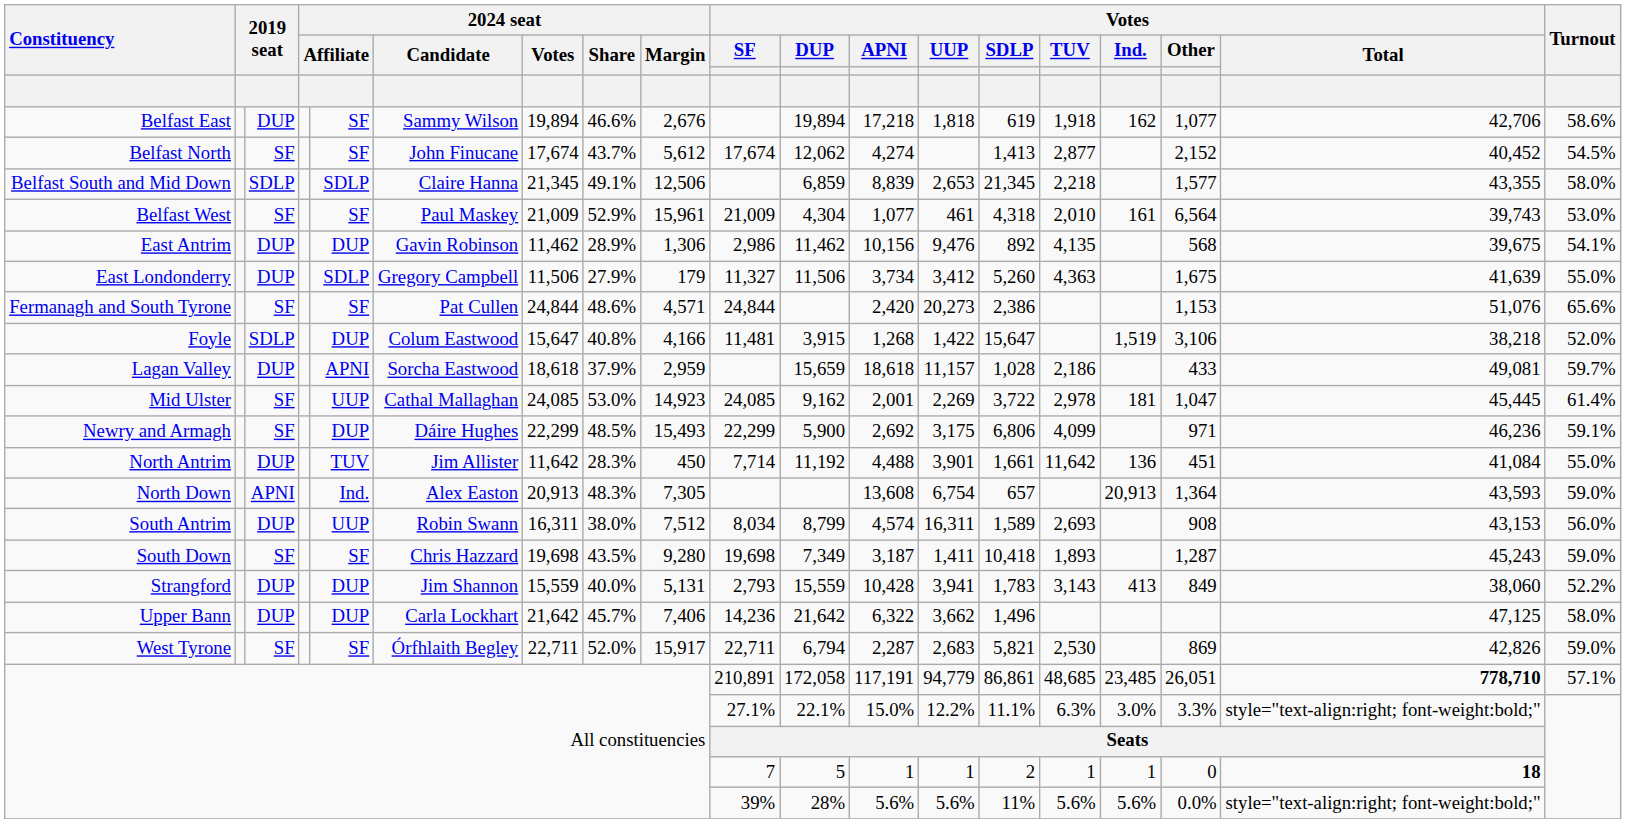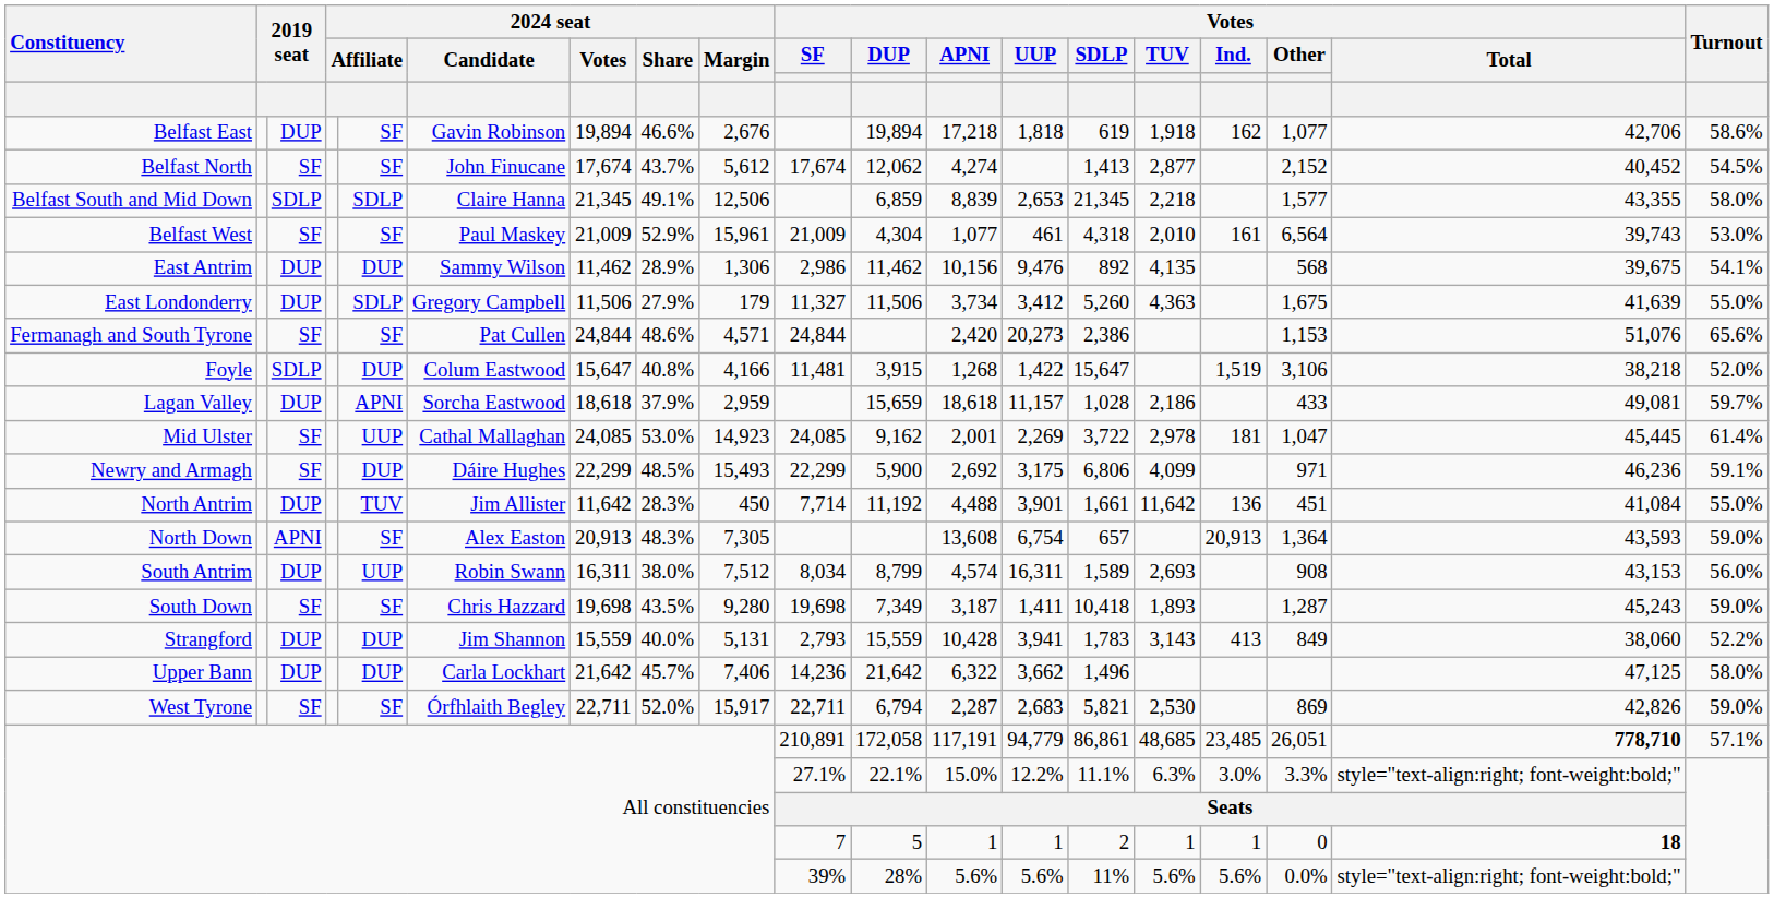 <table class="wikitable sortable sticky-header-multi" style="text-align:right; font-size:85%">
 <tr>
 <th rowspan="3" scope="col" style="text-align:left;"><a href='#'>Constituency</a></th>
 <th colspan="2" rowspan="3" scope="col">2019 <br>seat</th>
 <th colspan="6" scope="col">2024 seat</th>
 <th colspan="9" scope="col">Votes</th>
 <th rowspan="3" scope="col">Turnout</th>
 </tr>
 <tr>
 <th colspan="2" rowspan="2" scope="col">Affiliate</th>
 <th rowspan="2" scope="col">Candidate</th>
 <th rowspan="2" scope="col">Votes</th>
 <th rowspan="2" scope="col">Share</th>
 <th rowspan="2" scope="col">Margin</th>
 <th scope="col"><a href='#'>SF</a></th>
 <th scope="col"><a href='#'>DUP</a></th>
 <th scope="col"><a href='#'>APNI</a></th>
 <th scope="col"><a href='#'>UUP</a></th>
 <th scope="col"><a href='#'>SDLP</a></th>
 <th scope="col"><a href='#'>TUV</a></th>
 <th scope="col"><a href='#'>Ind.</a></th>
 <th scope="col">Other</th>
 <th rowspan="2" scope="col">Total</th>
 </tr>
 <tr>
 <th scope="col" style="background:"></th>
 <th scope="col" style="background:"></th>
 <th scope="col" style="background:"></th>
 <th scope="col" style="background:"></th>
 <th scope="col" style="background:"></th>
 <th scope="col" style="background:"></th>
 <th scope="col" style="background:"></th>
 <th></th>
 </tr>
 <tr>
 <th><br></th>
 <th colspan="2"></th>
 <th colspan="2"></th>
 <th></th>
 <th></th>
 <th></th>
 <th></th>
 <th></th>
 <th></th>
 <th></th>
 <th></th>
 <th></th>
 <th></th>
 <th></th>
 <th></th>
 <th></th>
 <th></th>
 </tr>
 <tr>
 <td><a href='#'>Belfast East</a></td>
 <td style="background:"></td>
 <td><a href='#'>DUP</a></td>
 <td style="background:"></td>
 <td><a href='#'>SF</a></td>
-<td><a href='#'>Sammy Wilson</a></td>
+<td><a href='#'>Gavin Robinson</a></td>
 <td>19,894</td>
 <td>46.6%</td>
 <td>2,676</td>
 <td></td>
 <td>19,894</td>
 <td>17,218</td>
 <td>1,818</td>
 <td>619</td>
 <td>1,918</td>
 <td>162</td>
 <td>1,077</td>
 <td>42,706</td>
 <td>58.6%</td>
 </tr>
 <tr>
 <td><a href='#'>Belfast North</a></td>
 <td style="background:"></td>
 <td><a href='#'>SF</a></td>
 <td style="background:"></td>
 <td><a href='#'>SF</a></td>
 <td><a href='#'>John Finucane</a></td>
 <td>17,674</td>
 <td>43.7%</td>
 <td>5,612</td>
 <td>17,674</td>
 <td>12,062</td>
 <td>4,274</td>
 <td></td>
 <td>1,413</td>
 <td>2,877</td>
 <td></td>
 <td>2,152</td>
 <td>40,452</td>
 <td>54.5%</td>
 </tr>
 <tr>
 <td><a href='#'>Belfast South and Mid Down</a></td>
 <td style="background:"></td>
 <td><a href='#'>SDLP</a></td>
 <td style="background:"></td>
 <td><a href='#'>SDLP</a></td>
 <td><a href='#'>Claire Hanna</a></td>
 <td>21,345</td>
 <td>49.1%</td>
 <td>12,506</td>
 <td></td>
 <td>6,859</td>
 <td>8,839</td>
 <td>2,653</td>
 <td>21,345</td>
 <td>2,218</td>
 <td></td>
 <td>1,577</td>
 <td>43,355</td>
 <td>58.0%</td>
 </tr>
 <tr>
 <td><a href='#'>Belfast West</a></td>
 <td style="background:"></td>
 <td><a href='#'>SF</a></td>
 <td style="background:"></td>
 <td><a href='#'>SF</a></td>
 <td><a href='#'>Paul Maskey</a></td>
 <td>21,009</td>
 <td>52.9%</td>
 <td>15,961</td>
 <td>21,009</td>
 <td>4,304</td>
 <td>1,077</td>
 <td>461</td>
 <td>4,318</td>
 <td>2,010</td>
 <td>161</td>
 <td>6,564</td>
 <td>39,743</td>
 <td>53.0%</td>
 </tr>
 <tr>
 <td><a href='#'>East Antrim</a></td>
 <td style="background:"></td>
 <td><a href='#'>DUP</a></td>
 <td style="background:"></td>
 <td><a href='#'>DUP</a></td>
-<td><a href='#'>Gavin Robinson</a></td>
+<td><a href='#'>Sammy Wilson</a></td>
 <td>11,462</td>
 <td>28.9%</td>
 <td>1,306</td>
 <td>2,986</td>
 <td>11,462</td>
 <td>10,156</td>
 <td>9,476</td>
 <td>892</td>
 <td>4,135</td>
 <td></td>
 <td>568</td>
 <td>39,675</td>
 <td>54.1%</td>
 </tr>
 <tr>
 <td><a href='#'>East Londonderry</a></td>
 <td style="background:"></td>
 <td><a href='#'>DUP</a></td>
 <td style="background:"></td>
 <td><a href='#'>SDLP</a></td>
 <td><a href='#'>Gregory Campbell</a></td>
 <td>11,506</td>
 <td>27.9%</td>
 <td>179</td>
 <td>11,327</td>
 <td>11,506</td>
 <td>3,734</td>
 <td>3,412</td>
 <td>5,260</td>
 <td>4,363</td>
 <td></td>
 <td>1,675</td>
 <td>41,639</td>
 <td>55.0%</td>
 </tr>
 <tr>
 <td><a href='#'>Fermanagh and South Tyrone</a></td>
 <td style="background:"></td>
 <td><a href='#'>SF</a></td>
 <td style="background:"></td>
 <td><a href='#'>SF</a></td>
 <td><a href='#'>Pat Cullen</a></td>
 <td>24,844</td>
 <td>48.6%</td>
 <td>4,571</td>
 <td>24,844</td>
 <td></td>
 <td>2,420</td>
 <td>20,273</td>
 <td>2,386</td>
 <td></td>
 <td></td>
 <td>1,153</td>
 <td>51,076</td>
 <td>65.6%</td>
 </tr>
 <tr>
 <td><a href='#'>Foyle</a></td>
 <td style="background:"></td>
 <td><a href='#'>SDLP</a></td>
 <td style="background:"></td>
 <td><a href='#'>DUP</a></td>
 <td><a href='#'>Colum Eastwood</a></td>
 <td>15,647</td>
 <td>40.8%</td>
 <td>4,166</td>
 <td>11,481</td>
 <td>3,915</td>
 <td>1,268</td>
 <td>1,422</td>
 <td>15,647</td>
 <td></td>
 <td>1,519</td>
 <td>3,106</td>
 <td>38,218</td>
 <td>52.0%</td>
 </tr>
 <tr>
 <td><a href='#'>Lagan Valley</a></td>
 <td style="background:"></td>
 <td><a href='#'>DUP</a></td>
 <td style="background:"></td>
 <td><a href='#'>APNI</a></td>
 <td><a href='#'>Sorcha Eastwood</a></td>
 <td>18,618</td>
 <td>37.9%</td>
 <td>2,959</td>
 <td></td>
 <td>15,659</td>
 <td>18,618</td>
 <td>11,157</td>
 <td>1,028</td>
 <td>2,186</td>
 <td></td>
 <td>433</td>
 <td>49,081</td>
 <td>59.7%</td>
 </tr>
 <tr>
 <td><a href='#'>Mid Ulster</a></td>
 <td style="background:"></td>
 <td><a href='#'>SF</a></td>
 <td style="background:"></td>
 <td><a href='#'>UUP</a></td>
 <td><a href='#'>Cathal Mallaghan</a></td>
 <td>24,085</td>
 <td>53.0%</td>
 <td>14,923</td>
 <td>24,085</td>
 <td>9,162</td>
 <td>2,001</td>
 <td>2,269</td>
 <td>3,722</td>
 <td>2,978</td>
 <td>181</td>
 <td>1,047</td>
 <td>45,445</td>
 <td>61.4%</td>
 </tr>
 <tr>
 <td><a href='#'>Newry and Armagh</a></td>
 <td style="background:"></td>
 <td><a href='#'>SF</a></td>
 <td style="background:"></td>
 <td><a href='#'>DUP</a></td>
 <td><a href='#'>Dáire Hughes</a></td>
 <td>22,299</td>
 <td>48.5%</td>
 <td>15,493</td>
 <td>22,299</td>
 <td>5,900</td>
 <td>2,692</td>
 <td>3,175</td>
 <td>6,806</td>
 <td>4,099</td>
 <td></td>
 <td>971</td>
 <td>46,236</td>
 <td>59.1%</td>
 </tr>
 <tr>
 <td><a href='#'>North Antrim</a></td>
 <td style="background:"></td>
 <td><a href='#'>DUP</a></td>
 <td style="background:"></td>
 <td><a href='#'>TUV</a></td>
 <td><a href='#'>Jim Allister</a></td>
 <td>11,642</td>
 <td>28.3%</td>
 <td>450</td>
 <td>7,714</td>
 <td>11,192</td>
 <td>4,488</td>
 <td>3,901</td>
 <td>1,661</td>
 <td>11,642</td>
 <td>136</td>
 <td>451</td>
 <td>41,084</td>
 <td>55.0%</td>
 </tr>
 <tr>
 <td><a href='#'>North Down</a></td>
 <td style="background:"></td>
 <td><a href='#'>APNI</a></td>
 <td style="background:"></td>
-<td><a href='#'>Ind.</a></td>
+<td><a href='#'>SF</a></td>
 <td><a href='#'>Alex Easton</a></td>
 <td>20,913</td>
 <td>48.3%</td>
 <td>7,305</td>
 <td></td>
 <td></td>
 <td>13,608</td>
 <td>6,754</td>
 <td>657</td>
 <td></td>
 <td>20,913</td>
 <td>1,364</td>
 <td>43,593</td>
 <td>59.0%</td>
 </tr>
 <tr>
 <td><a href='#'>South Antrim</a></td>
 <td style="background:"></td>
 <td><a href='#'>DUP</a></td>
 <td style="background:"></td>
 <td><a href='#'>UUP</a></td>
 <td><a href='#'>Robin Swann</a></td>
 <td>16,311</td>
 <td>38.0%</td>
 <td>7,512</td>
 <td>8,034</td>
 <td>8,799</td>
 <td>4,574</td>
 <td>16,311</td>
 <td>1,589</td>
 <td>2,693</td>
 <td></td>
 <td>908</td>
 <td>43,153</td>
 <td>56.0%</td>
 </tr>
 <tr>
 <td><a href='#'>South Down</a></td>
 <td style="background:"></td>
 <td><a href='#'>SF</a></td>
 <td style="background:"></td>
 <td><a href='#'>SF</a></td>
 <td><a href='#'>Chris Hazzard</a></td>
 <td>19,698</td>
 <td>43.5%</td>
 <td>9,280</td>
 <td>19,698</td>
 <td>7,349</td>
 <td>3,187</td>
 <td>1,411</td>
 <td>10,418</td>
 <td>1,893</td>
 <td></td>
 <td>1,287</td>
 <td>45,243</td>
 <td>59.0%</td>
 </tr>
 <tr>
 <td><a href='#'>Strangford</a></td>
 <td style="background:"></td>
 <td><a href='#'>DUP</a></td>
 <td style="background:"></td>
 <td><a href='#'>DUP</a></td>
 <td><a href='#'>Jim Shannon</a></td>
 <td>15,559</td>
 <td>40.0%</td>
 <td>5,131</td>
 <td>2,793</td>
 <td>15,559</td>
 <td>10,428</td>
 <td>3,941</td>
 <td>1,783</td>
 <td>3,143</td>
 <td>413</td>
 <td>849</td>
 <td>38,060</td>
 <td>52.2%</td>
 </tr>
 <tr>
 <td><a href='#'>Upper Bann</a></td>
 <td style="background:"></td>
 <td><a href='#'>DUP</a></td>
 <td style="background:"></td>
 <td><a href='#'>DUP</a></td>
 <td><a href='#'>Carla Lockhart</a></td>
 <td>21,642</td>
 <td>45.7%</td>
 <td>7,406</td>
 <td>14,236</td>
 <td>21,642</td>
 <td>6,322</td>
 <td>3,662</td>
 <td>1,496</td>
 <td></td>
 <td></td>
 <td></td>
 <td>47,125</td>
 <td>58.0%</td>
 </tr>
 <tr>
 <td><a href='#'>West Tyrone</a></td>
 <td style="background:"></td>
 <td><a href='#'>SF</a></td>
 <td style="background:"></td>
 <td><a href='#'>SF</a></td>
 <td><a href='#'>Órfhlaith Begley</a></td>
 <td>22,711</td>
 <td>52.0%</td>
 <td>15,917</td>
 <td>22,711</td>
 <td>6,794</td>
 <td>2,287</td>
 <td>2,683</td>
 <td>5,821</td>
 <td>2,530</td>
 <td></td>
 <td>869</td>
 <td>42,826</td>
 <td>59.0%</td>
 </tr>
 <tr class="sortbottom col3right col5right col6right">
 <td colspan="9" rowspan="5">All constituencies</td>
 <td>210,891</td>
 <td>172,058</td>
 <td>117,191</td>
 <td>94,779</td>
 <td>86,861</td>
 <td>48,685</td>
 <td>23,485</td>
 <td>26,051</td>
 <td style="font-weight:bold;">778,710</td>
 <td>57.1%</td>
 </tr>
 <tr class="sortbottom col1right col3right col5right col6right">
 <td>27.1%</td>
 <td>22.1%</td>
 <td>15.0%</td>
 <td>12.2%</td>
 <td>11.1%</td>
 <td>6.3%</td>
 <td>3.0%</td>
 <td>3.3%</td>
 <td>style="text-align:right; font-weight:bold;"   </td>
 </tr>
 <tr class="sortbottom">
 <th colspan="9" scope="col">Seats</th>
 </tr>
 <tr class="sortbottom col1right col3right col5right col6right">
 <td>7</td>
 <td>5</td>
 <td>1</td>
 <td>1</td>
 <td>2</td>
 <td>1</td>
 <td>1</td>
 <td>0</td>
 <td style="font-weight:bold;">18</td>
 </tr>
 <tr class="sortbottom col1right col3right col5right col6right">
 <td>39%</td>
 <td>28%</td>
 <td>5.6%</td>
 <td>5.6%</td>
 <td>11%</td>
 <td>5.6%</td>
 <td>5.6%</td>
 <td>0.0%</td>
 <td>style="text-align:right; font-weight:bold;"   </td>
 </tr>
 </table>
